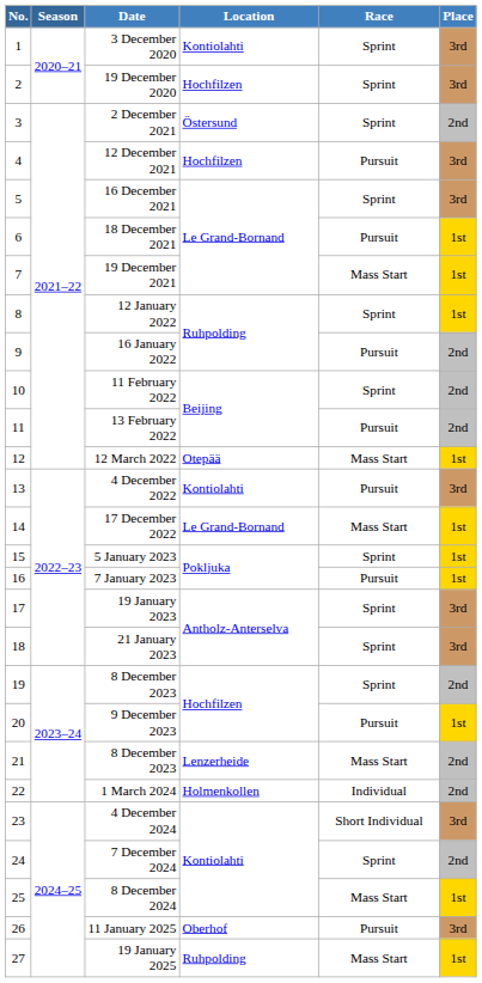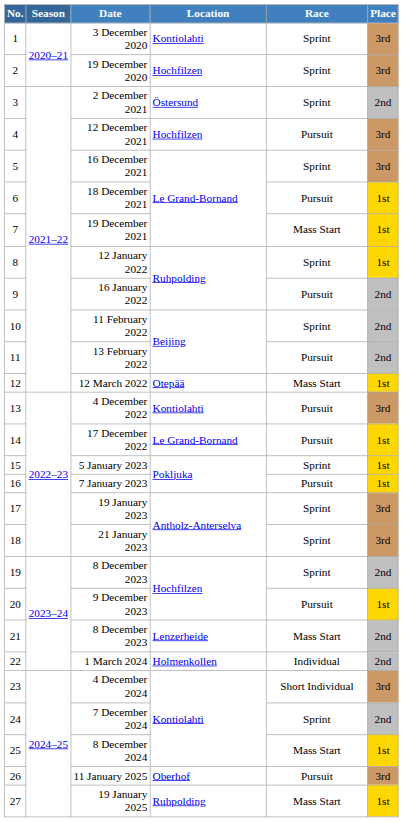 <table class="wikitable sortable" style="font-size:95%; text-align:center; border:grey solid 1px; border-collapse:collapse; background:#ffffff;">
 <tr style="background:#efefef;">
 <th style="background-color:#369; color:white;">No.</th>
 <th style="background-color:#369; color:white;">Season</th>
 <th style="background-color:#4180be; color:white; width:100px;">Date</th>
 <th style="background-color:#4180be; color:white; width:150px;">Location</th>
 <th style="background-color:#4180be; color:white; width:130px;">Race</th>
 <th style="background-color:#4180be; color:white;">Place</th>
 </tr>
 <tr>
 <td align=center>1</td>
 <td rowspan="2" align="center"><a href='#'>2020–21</a></td>
 <td align=right>3 December 2020</td>
 <td align=left> <a href='#'>Kontiolahti</a></td>
 <td>Sprint</td>
 <td align=center bgcolor="cc9966">3rd</td>
 </tr>
 <tr>
 <td align=center>2</td>
 <td align=right>19 December 2020</td>
 <td align=left> <a href='#'>Hochfilzen</a></td>
 <td>Sprint</td>
 <td align=center bgcolor="cc9966">3rd</td>
 </tr>
 <tr>
 <td align=center>3</td>
 <td rowspan="10" align="center"><a href='#'>2021–22</a></td>
 <td align=right>2 December 2021</td>
 <td align=left> <a href='#'>Östersund</a></td>
 <td>Sprint</td>
 <td align=center bgcolor="silver">2nd</td>
 </tr>
 <tr>
 <td align=center>4</td>
 <td align=right>12 December 2021</td>
 <td align=left> <a href='#'>Hochfilzen</a></td>
 <td>Pursuit</td>
 <td align=center bgcolor="cc9966">3rd</td>
 </tr>
 <tr>
 <td align=center>5</td>
 <td align=right>16 December 2021</td>
 <td align=left rowspan=3> <a href='#'>Le Grand-Bornand</a></td>
 <td>Sprint</td>
 <td align=center bgcolor="cc9966">3rd</td>
 </tr>
 <tr>
 <td align=center>6</td>
 <td align=right>18 December 2021</td>
 <td>Pursuit</td>
 <td align=center bgcolor="gold">1st</td>
 </tr>
 <tr>
 <td align=center>7</td>
 <td align=right>19 December 2021</td>
 <td>Mass Start</td>
 <td align=center bgcolor="gold">1st</td>
 </tr>
 <tr>
 <td align=center>8</td>
 <td align=right>12 January 2022</td>
 <td align=left rowspan=2> <a href='#'>Ruhpolding</a></td>
 <td>Sprint</td>
 <td align=center bgcolor="gold">1st</td>
 </tr>
 <tr>
 <td align=center>9</td>
 <td align=right>16 January 2022</td>
 <td>Pursuit</td>
 <td align=center bgcolor="silver">2nd</td>
 </tr>
 <tr>
 <td align=center>10</td>
 <td align=right>11 February 2022</td>
 <td align=left rowspan=2> <a href='#'>Beijing</a></td>
 <td>Sprint</td>
 <td align=center bgcolor="silver">2nd</td>
 </tr>
 <tr>
 <td align=center>11</td>
 <td align=right>13 February 2022</td>
 <td>Pursuit</td>
 <td align=center bgcolor="silver">2nd</td>
 </tr>
 <tr>
 <td align=center>12</td>
 <td align=right>12 March 2022</td>
 <td align=left> <a href='#'>Otepää</a></td>
 <td>Mass Start</td>
 <td align=center bgcolor="gold">1st</td>
 </tr>
 <tr>
 <td align=center>13</td>
 <td rowspan="6" align="center"><a href='#'>2022–23</a></td>
 <td align=right>4 December 2022</td>
 <td align=left> <a href='#'>Kontiolahti</a></td>
 <td>Pursuit</td>
 <td align=center bgcolor="cc9966">3rd</td>
 </tr>
 <tr>
 <td align=center>14</td>
 <td align=right>17 December 2022</td>
 <td align=left> <a href='#'>Le Grand-Bornand</a></td>
-<td>Mass Start</td>
+<td>Pursuit</td>
 <td align=center bgcolor="gold">1st</td>
 </tr>
 <tr>
 <td align=center>15</td>
 <td align=right>5 January 2023</td>
 <td align=left rowspan=2> <a href='#'>Pokljuka</a></td>
 <td>Sprint</td>
 <td align=center bgcolor="gold">1st</td>
 </tr>
 <tr>
 <td align=center>16</td>
 <td align=right>7 January 2023</td>
 <td>Pursuit</td>
 <td align=center bgcolor="gold">1st</td>
 </tr>
 <tr>
 <td align=center>17</td>
 <td align=right>19 January 2023</td>
 <td align=left rowspan=2> <a href='#'>Antholz-Anterselva</a></td>
 <td>Sprint</td>
 <td align=center bgcolor="cc9966">3rd</td>
 </tr>
 <tr>
 <td align=center>18</td>
 <td align=right>21 January 2023</td>
 <td>Sprint</td>
 <td align=center bgcolor="cc9966">3rd</td>
 </tr>
 <tr>
 <td align=center>19</td>
 <td rowspan="4" align="center"><a href='#'>2023–24</a></td>
 <td align=right>8 December 2023</td>
 <td align=left rowspan=2> <a href='#'>Hochfilzen</a></td>
 <td>Sprint</td>
 <td align=center bgcolor="silver">2nd</td>
 </tr>
 <tr>
 <td align=center>20</td>
 <td align=right>9 December 2023</td>
 <td>Pursuit</td>
 <td align=center bgcolor="gold">1st</td>
 </tr>
 <tr>
 <td align=center>21</td>
 <td align=right>8 December 2023</td>
 <td align=left> <a href='#'>Lenzerheide</a></td>
 <td>Mass Start</td>
 <td align=center bgcolor="silver">2nd</td>
 </tr>
 <tr>
 <td align=center>22</td>
 <td align=right>1 March 2024</td>
 <td align=left> <a href='#'>Holmenkollen</a></td>
 <td>Individual</td>
 <td align=center bgcolor="silver">2nd</td>
 </tr>
 <tr>
 <td align=center>23</td>
 <td rowspan="5" align="center"><a href='#'>2024–25</a></td>
 <td align=right>4 December 2024</td>
 <td align=left rowspan=3><a href='#'>Kontiolahti</a></td>
 <td>Short Individual</td>
 <td align=center bgcolor="cc9966">3rd</td>
 </tr>
 <tr>
 <td align=center>24</td>
 <td align=right>7 December 2024</td>
 <td>Sprint</td>
 <td align=center bgcolor="silver">2nd</td>
 </tr>
 <tr>
 <td align=center>25</td>
 <td align=right>8 December 2024</td>
 <td>Mass Start</td>
 <td align=center bgcolor="gold">1st</td>
 </tr>
 <tr>
 <td align=center>26</td>
 <td align=right>11 January 2025</td>
 <td align=left><a href='#'>Oberhof</a></td>
 <td>Pursuit</td>
 <td align=center bgcolor="cc9966">3rd</td>
 </tr>
 <tr>
 <td align=center>27</td>
 <td align=right>19 January 2025</td>
 <td align=left><a href='#'>Ruhpolding</a></td>
 <td>Mass Start</td>
 <td align=center bgcolor="gold">1st</td>
 </tr>
 </table>
